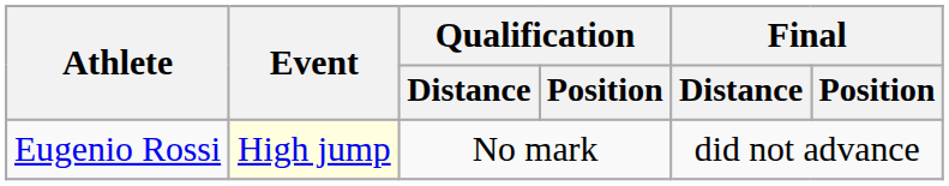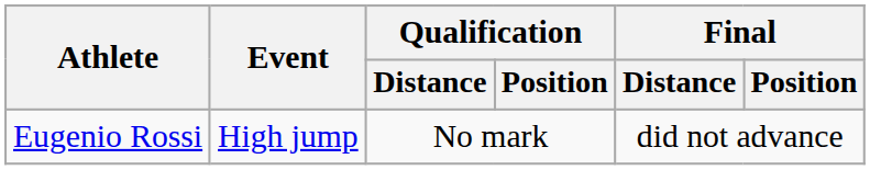 <table class=wikitable style="font-size:90%">
 <tr>
 <th rowspan="2">Athlete</th>
 <th rowspan="2">Event</th>
 <th colspan="2">Qualification</th>
 <th colspan="2">Final</th>
 </tr>
 <tr style="font-size:95%">
 <th>Distance</th>
 <th>Position</th>
 <th>Distance</th>
 <th>Position</th>
 </tr>
 <tr align=center>
 <td align=left><a href='#'>Eugenio Rossi</a></td>
-<td align=left style="background: lightyellow;"><a href='#'>High jump</a></td>
+<td align=left><a href='#'>High jump</a></td>
 <td colspan=2>No mark</td>
 <td colspan=2>did not advance</td>
 </tr>
 </table>
